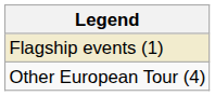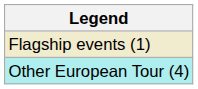 <table class="wikitable" style="font-size:95%;">
 <tr>
 <th>Legend</th>
 </tr>
 <tr style="background:#f2ecce;">
 <td>Flagship events (1)</td>
 </tr>
 <tr>
-<td>Other European Tour (4)</td>
+<td style="background: paleturquoise;">Other European Tour (4)</td>
 </tr>
 </table>
